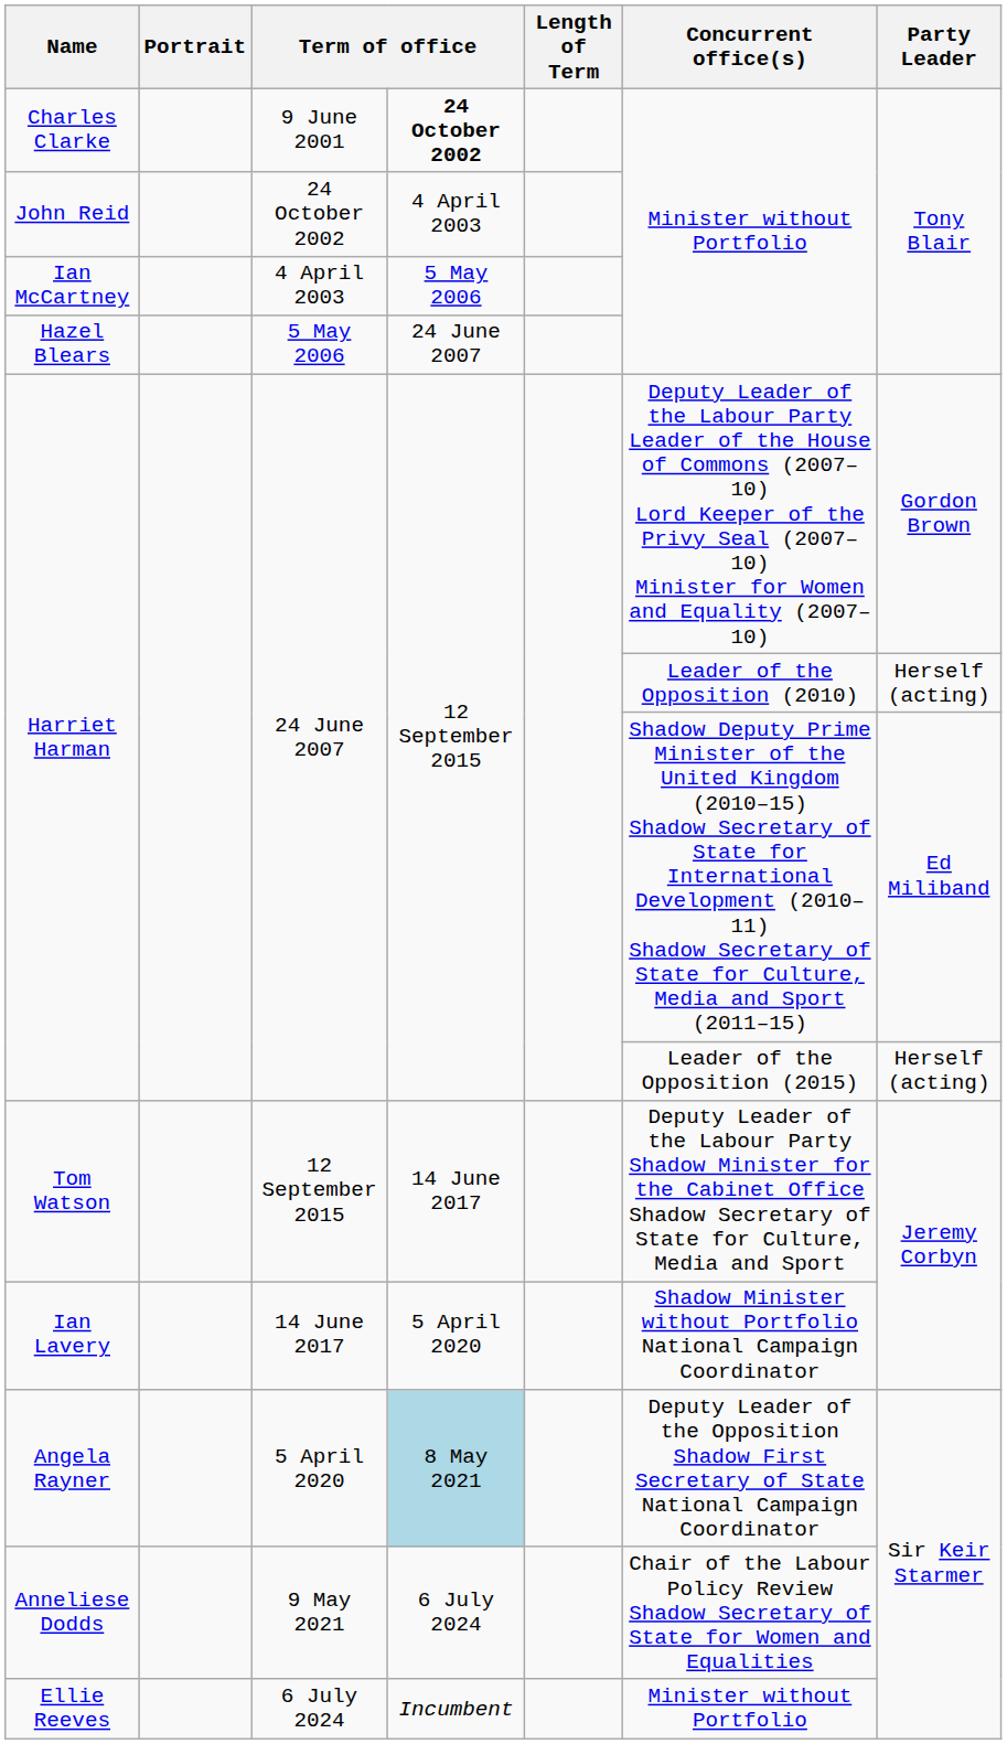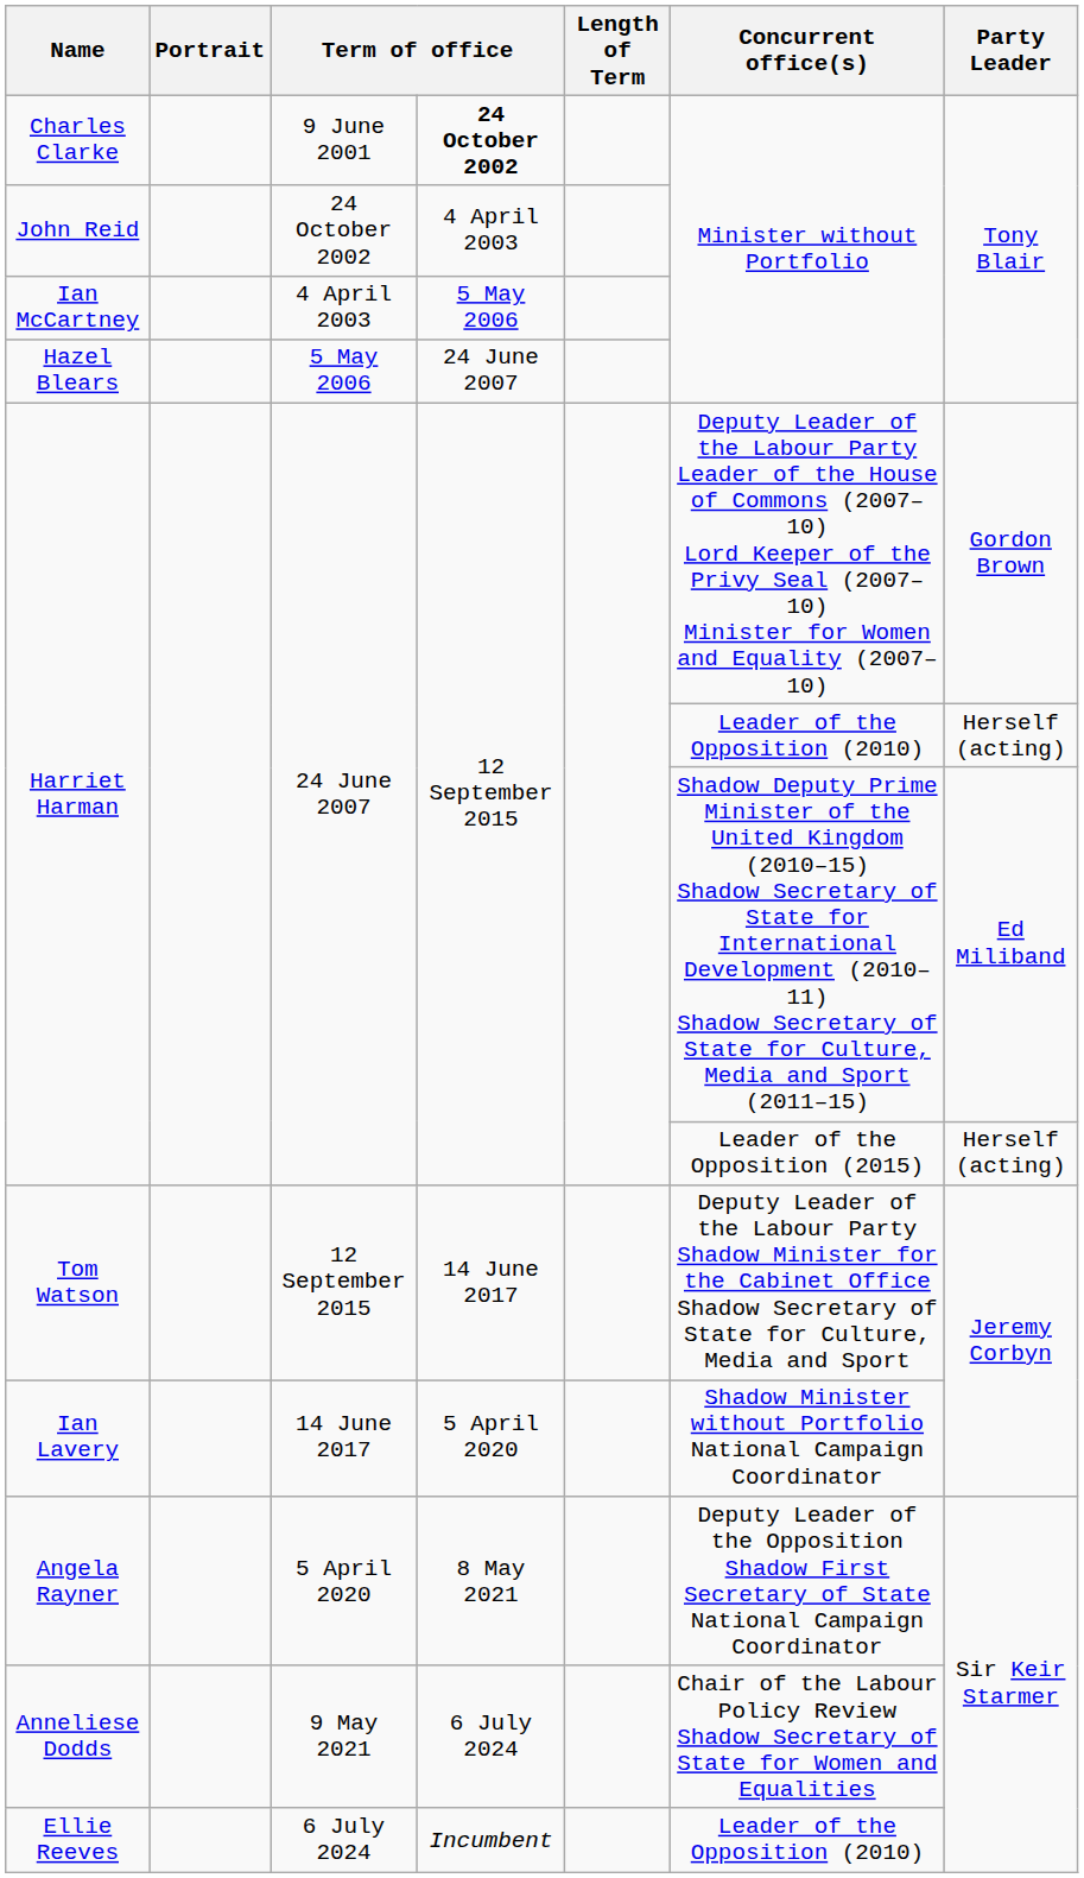 <table class="wikitable" style="text-align:center">
 <tr>
 <th>Name</th>
 <th>Portrait</th>
 <th colspan=2>Term of office</th>
 <th>Length of Term</th>
 <th>Concurrent office(s)</th>
 <th>Party Leader</th>
 </tr>
 <tr>
 <td><a href='#'>Charles Clarke</a></td>
 <td></td>
 <td>9 June 2001</td>
 <td><strong>24 October 2002</strong></td>
 <td></td>
 <td rowspan="4"><a href='#'>Minister without Portfolio</a></td>
 <td rowspan="4"><a href='#'>Tony Blair</a></td>
 </tr>
 <tr>
 <td><a href='#'>John Reid</a></td>
 <td></td>
 <td>24 October 2002</td>
 <td>4 April 2003</td>
 <td></td>
 </tr>
 <tr>
 <td><a href='#'>Ian McCartney</a></td>
 <td></td>
 <td>4 April 2003</td>
 <td><a href='#'>5 May 2006</a></td>
 <td></td>
 </tr>
 <tr>
 <td><a href='#'>Hazel Blears</a></td>
 <td></td>
 <td><a href='#'>5 May 2006</a></td>
 <td>24 June 2007</td>
 <td></td>
 </tr>
 <tr>
 <td rowspan="4"><a href='#'>Harriet Harman</a></td>
 <td rowspan="4"></td>
 <td rowspan="4">24 June 2007</td>
 <td rowspan="4">12 September 2015</td>
 <td rowspan="4"><strong></strong></td>
 <td><a href='#'>Deputy Leader of the Labour Party</a><br><a href='#'>Leader of the House of Commons</a> (2007–10)<br><a href='#'>Lord Keeper of the Privy Seal</a> (2007–10)<br><a href='#'>Minister for Women and Equality</a> (2007–10)</td>
 <td><a href='#'>Gordon Brown</a></td>
 </tr>
 <tr>
 <td><a href='#'>Leader of the Opposition</a> (2010)</td>
 <td>Herself (acting)</td>
 </tr>
 <tr>
 <td><a href='#'>Shadow Deputy Prime Minister of the United Kingdom</a> (2010–15)<br><a href='#'>Shadow Secretary of State for International Development</a> (2010–11)<br><a href='#'>Shadow Secretary of State for Culture, Media and Sport</a> (2011–15)</td>
 <td><a href='#'>Ed Miliband</a></td>
 </tr>
 <tr>
 <td>Leader of the Opposition (2015)</td>
 <td>Herself (acting)</td>
 </tr>
 <tr>
 <td><a href='#'>Tom Watson</a></td>
 <td></td>
 <td>12 September 2015</td>
 <td>14 June 2017</td>
 <td></td>
 <td>Deputy Leader of the Labour Party<br><a href='#'>Shadow Minister for the Cabinet Office</a><br>Shadow Secretary of State for Culture, Media and Sport</td>
 <td rowspan="2"><a href='#'>Jeremy Corbyn</a></td>
 </tr>
 <tr>
 <td><a href='#'>Ian Lavery</a></td>
 <td></td>
 <td>14 June 2017</td>
 <td>5 April 2020</td>
 <td></td>
 <td><a href='#'>Shadow Minister without Portfolio</a><br>National Campaign Coordinator</td>
 </tr>
 <tr>
 <td><a href='#'>Angela Rayner</a></td>
 <td></td>
 <td>5 April 2020</td>
-<td style="background: lightblue;">8 May 2021</td>
+<td>8 May 2021</td>
 <td></td>
 <td>Deputy Leader of the Opposition<br><a href='#'>Shadow First Secretary of State</a><br>National Campaign Coordinator</td>
 <td rowspan="3">Sir <a href='#'>Keir Starmer</a></td>
 </tr>
 <tr>
 <td><a href='#'>Anneliese Dodds</a></td>
 <td></td>
 <td>9 May 2021</td>
 <td>6 July 2024</td>
 <td></td>
 <td>Chair of the Labour Policy Review<br><a href='#'>Shadow Secretary of State for Women and Equalities</a></td>
 </tr>
 <tr>
 <td><a href='#'>Ellie Reeves</a></td>
 <td></td>
 <td>6 July 2024</td>
 <td><em>Incumbent</em></td>
 <td></td>
-<td><a href='#'>Minister without Portfolio</a></td>
+<td><a href='#'>Leader of the Opposition</a> (2010)</td>
 </tr>
 <tr>
 </tr>
 </table>
